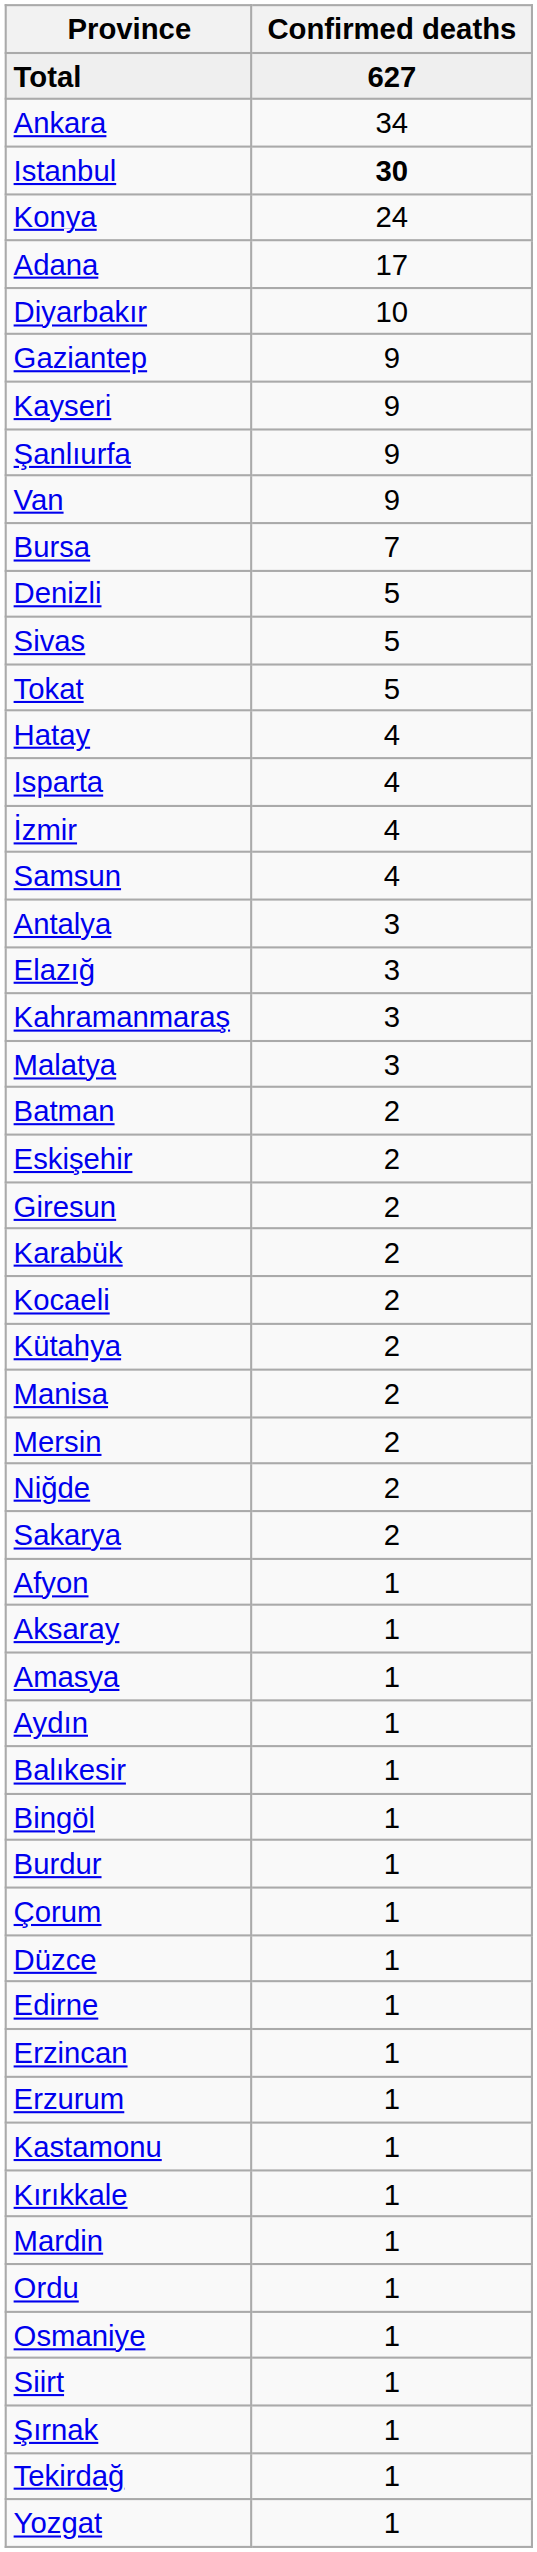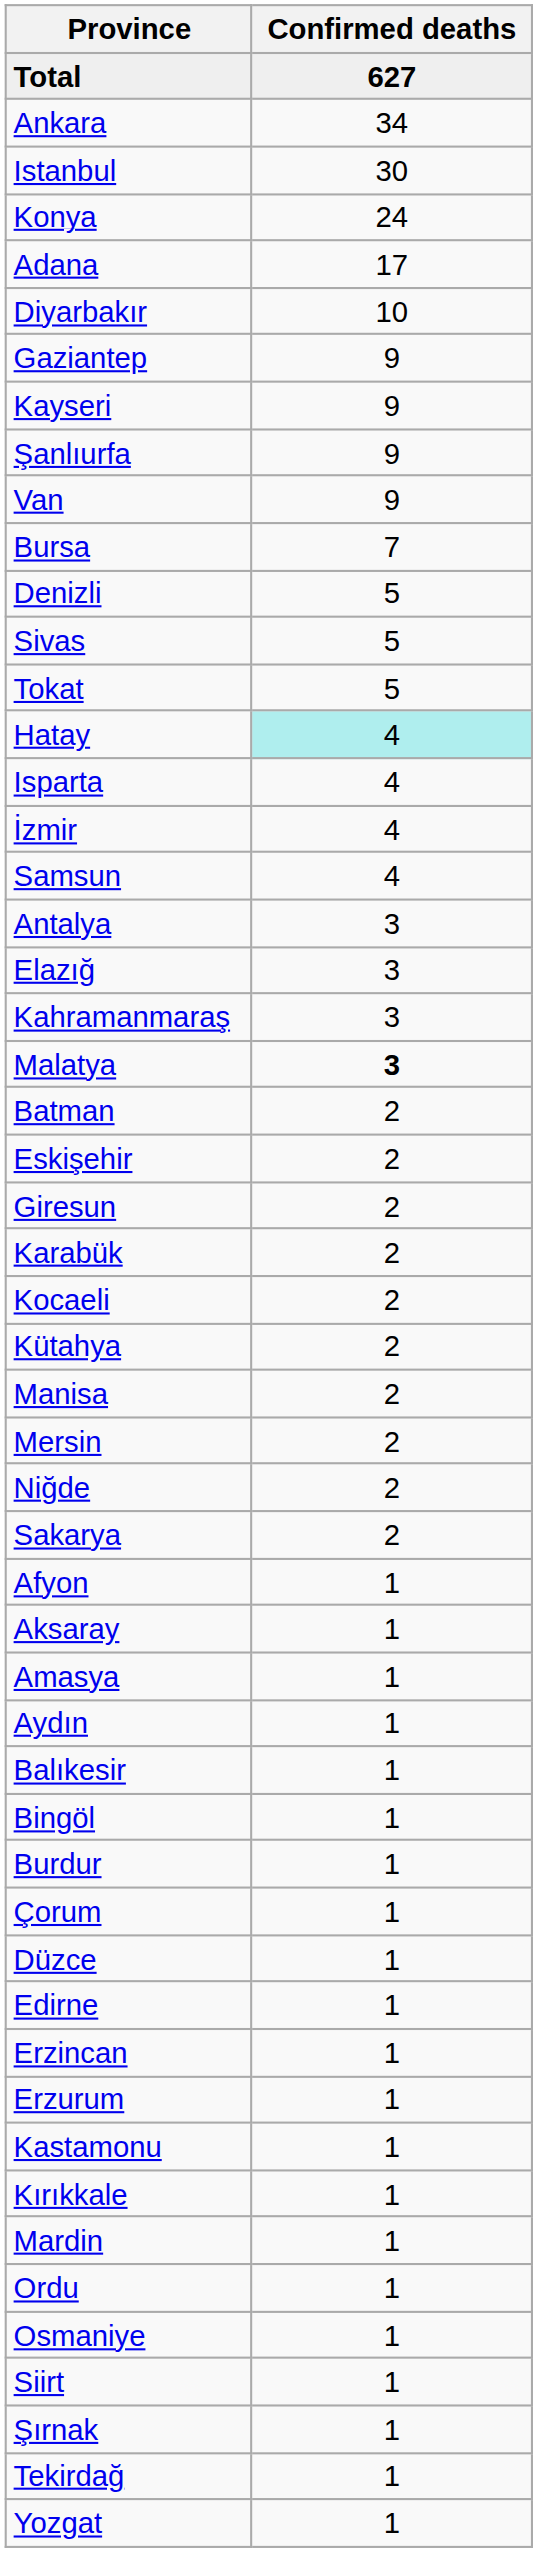 <table class="wikitable sortable" style="float:right; margin-left:1em; width:18em;font-size:88%;text-align:center;">
 <tr>
 <th>Province</th>
 <th>Confirmed deaths</th>
 </tr>
 <tr style="background:#efefef;font-weight:bold;">
 <td align=left>Total</td>
 <td>627</td>
 </tr>
 <tr>
 <td align=left><a href='#'>Ankara</a></td>
 <td>34</td>
 </tr>
 <tr>
 <td align=left><a href='#'>Istanbul</a></td>
-<td><strong>30</strong></td>
+<td>30</td>
 </tr>
 <tr>
 <td align=left><a href='#'>Konya</a></td>
 <td>24</td>
 </tr>
 <tr>
 <td align=left><a href='#'>Adana</a></td>
 <td>17</td>
 </tr>
 <tr>
 <td align=left><a href='#'>Diyarbakır</a></td>
 <td>10</td>
 </tr>
 <tr>
 <td align=left><a href='#'>Gaziantep</a></td>
 <td>9</td>
 </tr>
 <tr>
 <td align=left><a href='#'>Kayseri</a></td>
 <td>9</td>
 </tr>
 <tr>
 <td align=left><a href='#'>Şanlıurfa</a></td>
 <td>9</td>
 </tr>
 <tr>
 <td align=left><a href='#'>Van</a></td>
 <td>9</td>
 </tr>
 <tr>
 <td align=left><a href='#'>Bursa</a></td>
 <td>7</td>
 </tr>
 <tr>
 <td align=left><a href='#'>Denizli</a></td>
 <td>5</td>
 </tr>
 <tr>
 <td align=left><a href='#'>Sivas</a></td>
 <td>5</td>
 </tr>
 <tr>
 <td align=left><a href='#'>Tokat</a></td>
 <td>5</td>
 </tr>
 <tr>
 <td align=left><a href='#'>Hatay</a></td>
-<td>4</td>
+<td style="background: paleturquoise;">4</td>
 </tr>
 <tr>
 <td align=left><a href='#'>Isparta</a></td>
 <td>4</td>
 </tr>
 <tr>
 <td align=left><a href='#'>İzmir</a></td>
 <td>4</td>
 </tr>
 <tr>
 <td align=left><a href='#'>Samsun</a></td>
 <td>4</td>
 </tr>
 <tr>
 <td align=left><a href='#'>Antalya</a></td>
 <td>3</td>
 </tr>
 <tr>
 <td align=left><a href='#'>Elazığ</a></td>
 <td>3</td>
 </tr>
 <tr>
 <td align=left><a href='#'>Kahramanmaraş</a></td>
 <td>3</td>
 </tr>
 <tr>
 <td align=left><a href='#'>Malatya</a></td>
-<td>3</td>
+<td><strong>3</strong></td>
 </tr>
 <tr>
 <td align=left><a href='#'>Batman</a></td>
 <td>2</td>
 </tr>
 <tr>
 <td align=left><a href='#'>Eskişehir</a></td>
 <td>2</td>
 </tr>
 <tr>
 <td align=left><a href='#'>Giresun</a></td>
 <td>2</td>
 </tr>
 <tr>
 <td align=left><a href='#'>Karabük</a></td>
 <td>2</td>
 </tr>
 <tr>
 <td align=left><a href='#'>Kocaeli</a></td>
 <td>2</td>
 </tr>
 <tr>
 <td align=left><a href='#'>Kütahya</a></td>
 <td>2</td>
 </tr>
 <tr>
 <td align=left><a href='#'>Manisa</a></td>
 <td>2</td>
 </tr>
 <tr>
 <td align=left><a href='#'>Mersin</a></td>
 <td>2</td>
 </tr>
 <tr>
 <td align=left><a href='#'>Niğde</a></td>
 <td>2</td>
 </tr>
 <tr>
 <td align=left><a href='#'>Sakarya</a></td>
 <td>2</td>
 </tr>
 <tr>
 <td align=left><a href='#'>Afyon</a></td>
 <td>1</td>
 </tr>
 <tr>
 <td align=left><a href='#'>Aksaray</a></td>
 <td>1</td>
 </tr>
 <tr>
 <td align=left><a href='#'>Amasya</a></td>
 <td>1</td>
 </tr>
 <tr>
 <td align=left><a href='#'>Aydın</a></td>
 <td>1</td>
 </tr>
 <tr>
 <td align=left><a href='#'>Balıkesir</a></td>
 <td>1</td>
 </tr>
 <tr>
 <td align=left><a href='#'>Bingöl</a></td>
 <td>1</td>
 </tr>
 <tr>
 <td align=left><a href='#'>Burdur</a></td>
 <td>1</td>
 </tr>
 <tr>
 <td align=left><a href='#'>Çorum</a></td>
 <td>1</td>
 </tr>
 <tr>
 <td align=left><a href='#'>Düzce</a></td>
 <td>1</td>
 </tr>
 <tr>
 <td align=left><a href='#'>Edirne</a></td>
 <td>1</td>
 </tr>
 <tr>
 <td align=left><a href='#'>Erzincan</a></td>
 <td>1</td>
 </tr>
 <tr>
 <td align=left><a href='#'>Erzurum</a></td>
 <td>1</td>
 </tr>
 <tr>
 <td align=left><a href='#'>Kastamonu</a></td>
 <td>1</td>
 </tr>
 <tr>
 <td align=left><a href='#'>Kırıkkale</a></td>
 <td>1</td>
 </tr>
 <tr>
 <td align=left><a href='#'>Mardin</a></td>
 <td>1</td>
 </tr>
 <tr>
 <td align=left><a href='#'>Ordu</a></td>
 <td>1</td>
 </tr>
 <tr>
 <td align=left><a href='#'>Osmaniye</a></td>
 <td>1</td>
 </tr>
 <tr>
 <td align=left><a href='#'>Siirt</a></td>
 <td>1</td>
 </tr>
 <tr>
 <td align=left><a href='#'>Şırnak</a></td>
 <td>1</td>
 </tr>
 <tr>
 <td align=left><a href='#'>Tekirdağ</a></td>
 <td>1</td>
 </tr>
 <tr>
 <td align=left><a href='#'>Yozgat</a></td>
 <td>1</td>
 </tr>
 </table>
